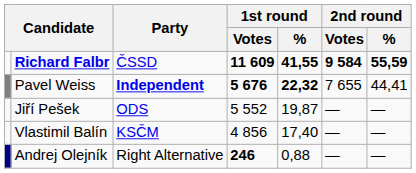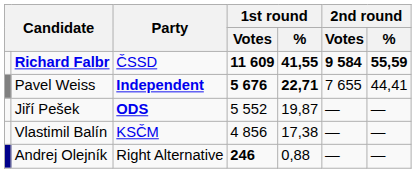 <table class="wikitable sortable">
 <tr>
 <th colspan="2" rowspan="2">Candidate</th>
 <th rowspan="2">Party</th>
 <th colspan="2">1st round</th>
 <th colspan="2">2nd round</th>
 </tr>
 <tr>
 <th>Votes</th>
 <th>%</th>
 <th>Votes</th>
 <th>%</th>
 </tr>
 <tr>
 <td style="background-color:"></td>
 <td><strong><a href='#'>Richard Falbr</a></strong></td>
 <td><a href='#'>ČSSD</a></td>
 <td><strong>11 609</strong></td>
 <td><strong>41,55</strong></td>
 <td><strong>9 584</strong></td>
 <td><strong>55,59</strong></td>
 </tr>
 <tr>
 <td style="background-color:gray;"></td>
 <td>Pavel Weiss</td>
 <td><strong><a href='#'>Independent</a></strong></td>
 <td><strong>5 676</strong></td>
-<td><strong>22,32</strong></td>
+<td><strong>22,71</strong></td>
 <td>7 655</td>
 <td>44,41</td>
 </tr>
 <tr>
 <td style="background-color:"></td>
 <td>Jiří Pešek</td>
-<td><a href='#'>ODS</a></td>
+<td><strong><a href='#'>ODS</a></strong></td>
 <td>5 552</td>
 <td>19,87</td>
 <td>—</td>
 <td>—</td>
 </tr>
 <tr>
 <td style="background-color:"></td>
 <td>Vlastimil Balín</td>
 <td><a href='#'>KSČM</a></td>
 <td>4 856</td>
-<td>17,40</td>
+<td>17,38</td>
 <td>—</td>
 <td>—</td>
 </tr>
 <tr>
 <td style="background-color:darkblue;"></td>
 <td>Andrej Olejník</td>
 <td>Right Alternative</td>
 <td><strong>246</strong></td>
 <td>0,88</td>
 <td>—</td>
 <td>—</td>
 </tr>
 </table>
